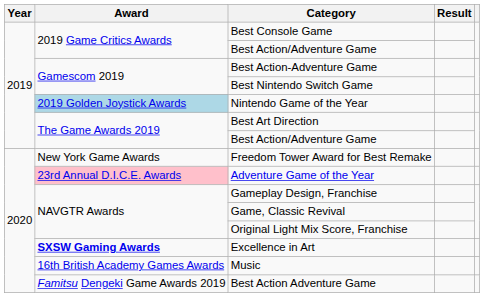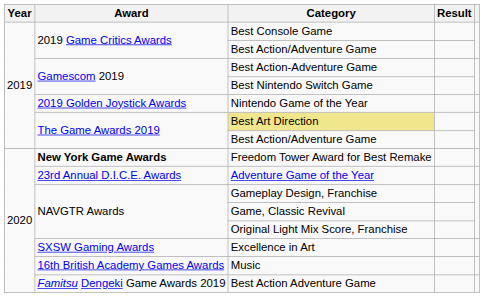 <table class="wikitable sortable">
 <tr>
 <th>Year</th>
 <th>Award</th>
 <th>Category</th>
 <th>Result</th>
 <th></th>
 </tr>
 <tr>
 <td style="text-align:center;" rowspan="7">2019</td>
 <td rowspan="2">2019 <a href='#'>Game Critics Awards</a></td>
 <td>Best Console Game</td>
 <td></td>
 <td rowspan="2"></td>
 </tr>
 <tr>
 <td>Best Action/Adventure Game</td>
 <td></td>
 </tr>
 <tr>
 <td rowspan="2"><a href='#'>Gamescom</a> 2019</td>
 <td>Best Action-Adventure Game</td>
 <td></td>
 <td rowspan="2"></td>
 </tr>
 <tr>
 <td>Best Nintendo Switch Game</td>
 <td></td>
 </tr>
 <tr>
-<td style="background: lightblue;"><a href='#'>2019 Golden Joystick Awards</a></td>
+<td><a href='#'>2019 Golden Joystick Awards</a></td>
 <td>Nintendo Game of the Year</td>
 <td></td>
 <td></td>
 </tr>
 <tr>
 <td rowspan="2"><a href='#'>The Game Awards 2019</a></td>
-<td>Best Art Direction</td>
+<td style="background: khaki;">Best Art Direction</td>
 <td></td>
 <td rowspan="2"></td>
 </tr>
 <tr>
 <td>Best Action/Adventure Game</td>
 <td></td>
 </tr>
 <tr>
 <td style="text-align:center;" rowspan="8">2020</td>
-<td>New York Game Awards</td>
+<td><strong>New York Game Awards</strong></td>
 <td>Freedom Tower Award for Best Remake</td>
 <td></td>
 <td></td>
 </tr>
 <tr>
-<td style="background: pink;"><a href='#'>23rd Annual D.I.C.E. Awards</a></td>
+<td><a href='#'>23rd Annual D.I.C.E. Awards</a></td>
 <td><a href='#'>Adventure Game of the Year</a></td>
 <td></td>
 <td></td>
 </tr>
 <tr>
 <td rowspan="3">NAVGTR Awards</td>
 <td>Gameplay Design, Franchise</td>
 <td></td>
 <td rowspan="3"></td>
 </tr>
 <tr>
 <td>Game, Classic Revival</td>
 <td></td>
 </tr>
 <tr>
 <td>Original Light Mix Score, Franchise</td>
 <td></td>
 </tr>
 <tr>
-<td><strong><a href='#'>SXSW Gaming Awards</a></strong></td>
+<td><a href='#'>SXSW Gaming Awards</a></td>
 <td>Excellence in Art</td>
 <td></td>
 <td></td>
 </tr>
 <tr>
 <td><a href='#'>16th British Academy Games Awards</a></td>
 <td>Music</td>
 <td></td>
 <td></td>
 </tr>
 <tr>
 <td><em><a href='#'>Famitsu</a></em> <a href='#'>Dengeki</a> Game Awards 2019</td>
 <td>Best Action Adventure Game</td>
 <td></td>
 <td></td>
 </tr>
 </table>
